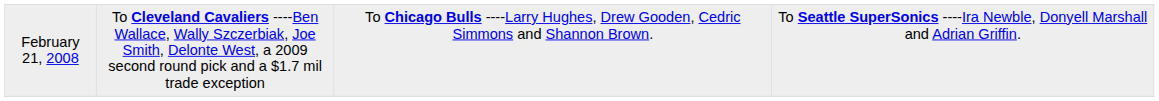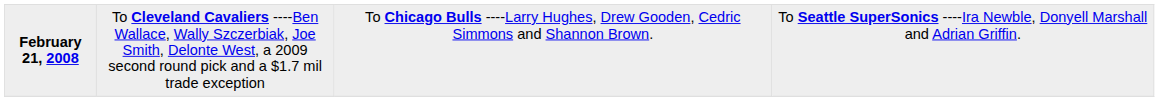 <table border=1 style="border-collapse:collapse; text-align: center" bordercolor="#DFDFDF"  cellpadding="5">
 <tr>
 </tr>
 <tr bgcolor="eeeeee">
-<td style="width:90px">February 21, <a href='#'>2008</a></td>
+<td style="width:90px"><strong>February 21, <a href='#'>2008</a></strong></td>
 <td style="width:250px" valign="top">To <strong><a href='#'>Cleveland Cavaliers</a></strong> ----<a href='#'>Ben Wallace</a>, <a href='#'>Wally Szczerbiak</a>, <a href='#'>Joe Smith</a>, <a href='#'>Delonte West</a>, a 2009 second round pick and a $1.7 mil trade exception</td>
 <td valign="top">To <strong><a href='#'>Chicago Bulls</a></strong> ----<a href='#'>Larry Hughes</a>, <a href='#'>Drew Gooden</a>, <a href='#'>Cedric Simmons</a> and <a href='#'>Shannon Brown</a>.</td>
 <td valign="top">To <strong><a href='#'>Seattle SuperSonics</a></strong> ----<a href='#'>Ira Newble</a>, <a href='#'>Donyell Marshall</a> and <a href='#'>Adrian Griffin</a>.</td>
 </tr>
 <tr>
 </tr>
 </table>
